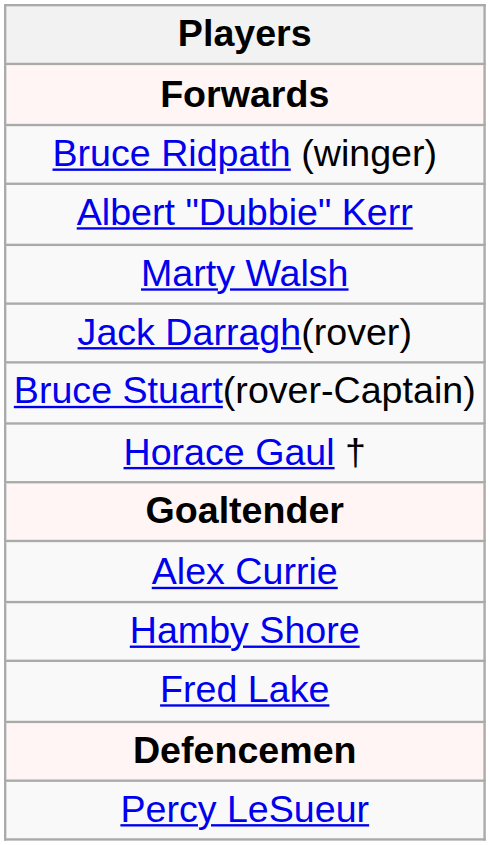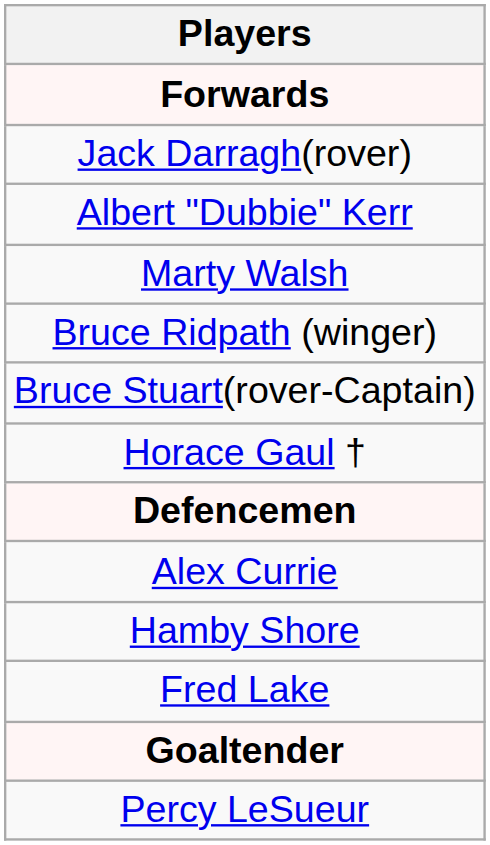 <table class="wikitable" style="text-align:center;">
 <tr>
 <th>Players</th>
 </tr>
 <tr style="font-weight:bold; background-color:#FFF5F5;">
 <td colspan="1" align="center"><strong>Forwards</strong></td>
 </tr>
 <tr>
-<td><a href='#'>Bruce Ridpath</a> (winger)</td>
+<td><a href='#'>Jack Darragh</a>(rover)</td>
 </tr>
 <tr>
 <td><a href='#'>Albert "Dubbie" Kerr</a></td>
 </tr>
 <tr>
 <td><a href='#'>Marty Walsh</a></td>
 </tr>
 <tr>
-<td><a href='#'>Jack Darragh</a>(rover)</td>
+<td><a href='#'>Bruce Ridpath</a> (winger)</td>
 </tr>
 <tr>
 <td><a href='#'>Bruce Stuart</a>(rover-Captain)</td>
 </tr>
 <tr>
 <td><a href='#'>Horace Gaul</a> †</td>
 </tr>
 <tr style="font-weight:bold; background-color:#FFF5F5;">
-<td colspan="1" align="center"><strong>Goaltender</strong></td>
+<td colspan="1" align="center"><strong>Defencemen</strong></td>
 </tr>
 <tr>
 <td><a href='#'>Alex Currie</a></td>
 </tr>
 <tr>
 <td><a href='#'>Hamby Shore</a></td>
 </tr>
 <tr>
 <td><a href='#'>Fred Lake</a></td>
 </tr>
 <tr style="font-weight:bold; background-color:#FFF5F5;">
-<td colspan="1" align="center"><strong>Defencemen</strong></td>
+<td colspan="1" align="center"><strong>Goaltender</strong></td>
 </tr>
 <tr>
 <td><a href='#'>Percy LeSueur</a></td>
 </tr>
 </table>
